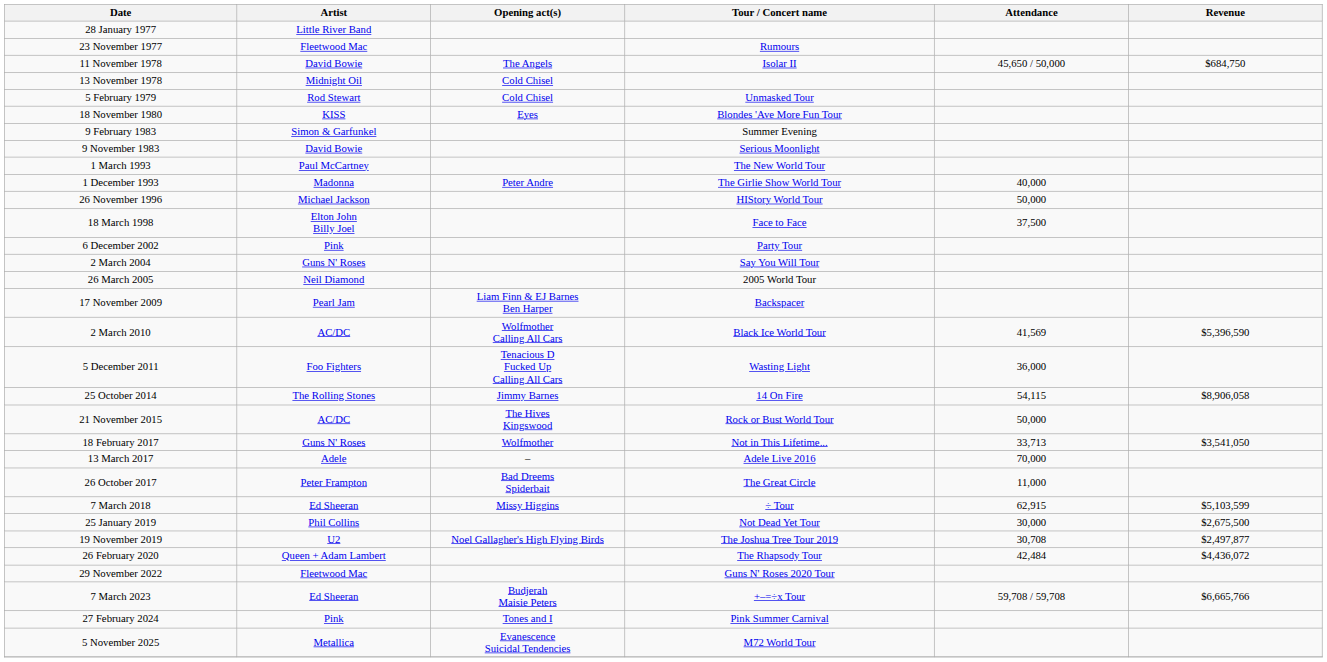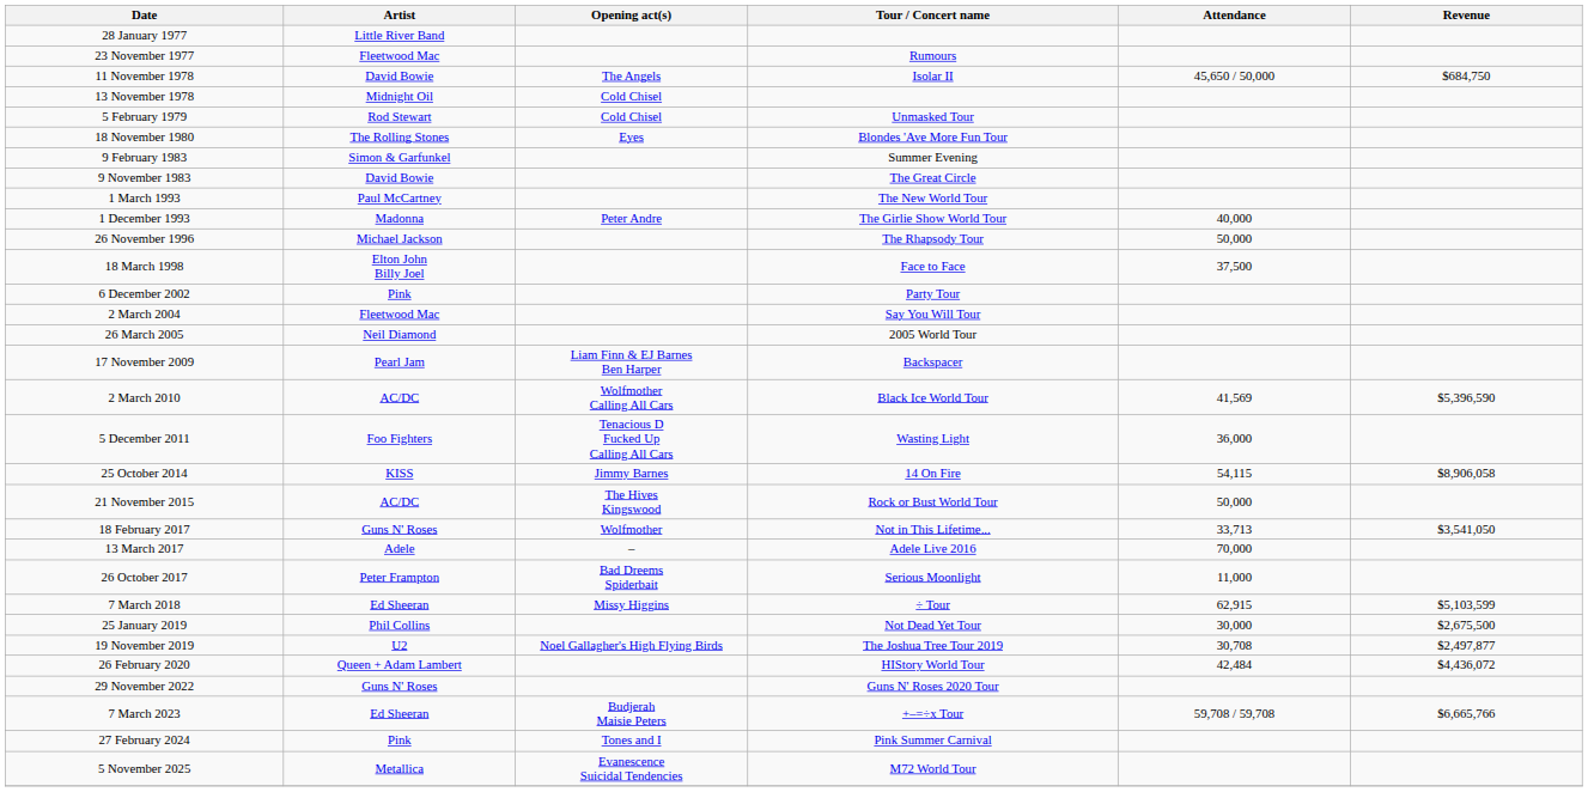 <table class="wikitable" style="text-align:center;">
 <tr>
 <th width=12% style="text-align:center;">Date</th>
 <th width=10% style="text-align:center;">Artist</th>
 <th width=10% style="text-align:center;">Opening act(s)</th>
 <th width=16% style="text-align:center;">Tour / Concert name</th>
 <th width=10% style="text-align:center;">Attendance</th>
 <th width=10% style="text-align:center;">Revenue</th>
 </tr>
 <tr>
 <td>28 January 1977</td>
 <td><a href='#'>Little River Band</a></td>
 <td></td>
 <td></td>
 <td></td>
 <td></td>
 </tr>
 <tr>
 <td>23 November 1977</td>
 <td><a href='#'>Fleetwood Mac</a></td>
 <td></td>
 <td><a href='#'>Rumours</a></td>
 <td></td>
 <td></td>
 </tr>
 <tr>
 <td>11 November 1978</td>
 <td><a href='#'>David Bowie</a></td>
 <td><a href='#'>The Angels</a></td>
 <td><a href='#'>Isolar II</a></td>
 <td>45,650 / 50,000</td>
 <td>$684,750</td>
 </tr>
 <tr>
 <td>13 November 1978</td>
 <td><a href='#'>Midnight Oil</a></td>
 <td><a href='#'>Cold Chisel</a></td>
 <td></td>
 <td></td>
 <td></td>
 </tr>
 <tr>
 <td>5 February 1979</td>
 <td><a href='#'>Rod Stewart</a></td>
 <td><a href='#'>Cold Chisel</a></td>
 <td><a href='#'>Unmasked Tour</a></td>
 <td></td>
 <td></td>
 </tr>
 <tr>
 <td>18 November 1980</td>
-<td><a href='#'>KISS</a></td>
+<td><a href='#'>The Rolling Stones</a></td>
 <td><a href='#'>Eyes</a></td>
 <td><a href='#'>Blondes 'Ave More Fun Tour</a></td>
 <td></td>
 <td></td>
 </tr>
 <tr>
 <td>9 February 1983</td>
 <td><a href='#'>Simon & Garfunkel</a></td>
 <td></td>
 <td>Summer Evening</td>
 <td></td>
 <td></td>
 </tr>
 <tr>
 <td>9 November 1983</td>
 <td><a href='#'>David Bowie</a></td>
 <td></td>
-<td><a href='#'>Serious Moonlight</a></td>
+<td><a href='#'>The Great Circle</a></td>
 <td></td>
 <td></td>
 </tr>
 <tr>
 <td>1 March 1993</td>
 <td><a href='#'>Paul McCartney</a></td>
 <td></td>
 <td><a href='#'>The New World Tour</a></td>
 <td></td>
 <td></td>
 </tr>
 <tr>
 <td>1 December 1993</td>
 <td><a href='#'>Madonna</a></td>
 <td><a href='#'>Peter Andre</a></td>
 <td><a href='#'>The Girlie Show World Tour</a></td>
 <td>40,000</td>
 <td></td>
 </tr>
 <tr>
 <td>26 November 1996</td>
 <td><a href='#'>Michael Jackson</a></td>
 <td></td>
-<td><a href='#'>HIStory World Tour</a></td>
+<td><a href='#'>The Rhapsody Tour</a></td>
 <td>50,000</td>
 <td></td>
 </tr>
 <tr>
 <td>18 March 1998</td>
 <td><a href='#'>Elton John</a><br><a href='#'>Billy Joel</a></td>
 <td></td>
 <td><a href='#'>Face to Face</a></td>
 <td>37,500</td>
 <td></td>
 </tr>
 <tr>
 <td>6 December 2002</td>
 <td><a href='#'>Pink</a></td>
 <td></td>
 <td><a href='#'>Party Tour</a></td>
 <td></td>
 <td></td>
 </tr>
 <tr>
 <td>2 March 2004</td>
-<td><a href='#'>Guns N' Roses</a></td>
+<td><a href='#'>Fleetwood Mac</a></td>
 <td></td>
 <td><a href='#'>Say You Will Tour</a></td>
 <td></td>
 <td></td>
 </tr>
 <tr>
 <td>26 March 2005</td>
 <td><a href='#'>Neil Diamond</a></td>
 <td></td>
 <td>2005 World Tour</td>
 <td></td>
 <td></td>
 </tr>
 <tr>
 <td>17 November 2009</td>
 <td><a href='#'>Pearl Jam</a></td>
 <td><a href='#'>Liam Finn & EJ Barnes</a><br><a href='#'>Ben Harper</a></td>
 <td><a href='#'>Backspacer</a></td>
 <td></td>
 <td></td>
 </tr>
 <tr>
 <td>2 March 2010</td>
 <td><a href='#'>AC/DC</a></td>
 <td><a href='#'>Wolfmother</a><br><a href='#'>Calling All Cars</a></td>
 <td><a href='#'>Black Ice World Tour</a></td>
 <td>41,569</td>
 <td>$5,396,590</td>
 </tr>
 <tr>
 <td>5 December 2011</td>
 <td><a href='#'>Foo Fighters</a></td>
 <td><a href='#'>Tenacious D</a><br><a href='#'>Fucked Up</a><br><a href='#'>Calling All Cars</a></td>
 <td><a href='#'>Wasting Light</a></td>
 <td>36,000</td>
 <td></td>
 </tr>
 <tr>
 <td>25 October 2014</td>
-<td><a href='#'>The Rolling Stones</a></td>
+<td><a href='#'>KISS</a></td>
 <td><a href='#'>Jimmy Barnes</a></td>
 <td><a href='#'>14 On Fire</a></td>
 <td>54,115</td>
 <td>$8,906,058</td>
 </tr>
 <tr>
 <td>21 November 2015</td>
 <td><a href='#'>AC/DC</a></td>
 <td><a href='#'>The Hives</a><br><a href='#'>Kingswood</a></td>
 <td><a href='#'>Rock or Bust World Tour</a></td>
 <td>50,000</td>
 <td></td>
 </tr>
 <tr>
 <td>18 February 2017</td>
 <td><a href='#'>Guns N' Roses</a></td>
 <td><a href='#'>Wolfmother</a></td>
 <td><a href='#'>Not in This Lifetime...</a></td>
 <td>33,713</td>
 <td>$3,541,050</td>
 </tr>
 <tr>
 <td>13 March 2017</td>
 <td><a href='#'>Adele</a></td>
 <td>–</td>
 <td><a href='#'>Adele Live 2016</a></td>
 <td>70,000</td>
 <td></td>
 </tr>
 <tr>
 <td>26 October 2017</td>
 <td><a href='#'>Peter Frampton</a></td>
 <td><a href='#'>Bad Dreems</a><br><a href='#'>Spiderbait</a></td>
-<td><a href='#'>The Great Circle</a></td>
+<td><a href='#'>Serious Moonlight</a></td>
 <td>11,000</td>
 <td></td>
 </tr>
 <tr>
 <td>7 March 2018</td>
 <td><a href='#'>Ed Sheeran</a></td>
 <td><a href='#'>Missy Higgins</a></td>
 <td><a href='#'>÷ Tour</a></td>
 <td>62,915</td>
 <td>$5,103,599</td>
 </tr>
 <tr>
 <td>25 January 2019</td>
 <td><a href='#'>Phil Collins</a></td>
 <td></td>
 <td><a href='#'>Not Dead Yet Tour</a></td>
 <td>30,000</td>
 <td>$2,675,500</td>
 </tr>
 <tr>
 <td>19 November 2019</td>
 <td><a href='#'>U2</a></td>
 <td><a href='#'>Noel Gallagher's High Flying Birds</a></td>
 <td><a href='#'>The Joshua Tree Tour 2019</a></td>
 <td>30,708</td>
 <td>$2,497,877</td>
 </tr>
 <tr>
 <td>26 February 2020</td>
 <td><a href='#'>Queen + Adam Lambert</a></td>
 <td></td>
-<td><a href='#'>The Rhapsody Tour</a></td>
+<td><a href='#'>HIStory World Tour</a></td>
 <td>42,484</td>
 <td>$4,436,072</td>
 </tr>
 <tr>
 <td>29 November 2022</td>
-<td><a href='#'>Fleetwood Mac</a></td>
+<td><a href='#'>Guns N' Roses</a></td>
 <td></td>
 <td><a href='#'>Guns N' Roses 2020 Tour</a></td>
 <td></td>
 <td></td>
 </tr>
 <tr>
 <td>7 March 2023</td>
 <td><a href='#'>Ed Sheeran</a></td>
 <td><a href='#'>Budjerah</a><br><a href='#'>Maisie Peters</a></td>
 <td><a href='#'>+–=÷x Tour</a></td>
 <td>59,708 / 59,708</td>
 <td>$6,665,766</td>
 </tr>
 <tr>
 <td>27 February 2024</td>
 <td><a href='#'>Pink</a></td>
 <td><a href='#'>Tones and I</a></td>
 <td><a href='#'>Pink Summer Carnival</a></td>
 <td></td>
 <td></td>
 </tr>
 <tr>
 <td>5 November 2025</td>
 <td><a href='#'>Metallica</a></td>
 <td><a href='#'>Evanescence</a><br><a href='#'>Suicidal Tendencies</a></td>
 <td><a href='#'>M72 World Tour</a></td>
 <td></td>
 <td></td>
 </tr>
 <tr>
 </tr>
 </table>
